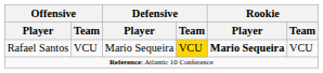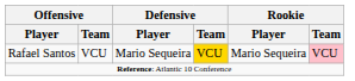 <table class="wikitable">
 <tr>
 <th colspan="2">Offensive</th>
 <th colspan="2">Defensive</th>
 <th colspan="2">Rookie</th>
 </tr>
 <tr>
 <th>Player</th>
 <th>Team</th>
 <th>Player</th>
 <th>Team</th>
 <th>Player</th>
 <th>Team</th>
 </tr>
 <tr>
 <td>Rafael Santos</td>
 <td>VCU</td>
 <td>Mario Sequeira</td>
 <td style="background: gold;">VCU</td>
-<td><strong>Mario Sequeira</strong></td>
-<td>VCU</td>
+<td>Mario Sequeira</td>
+<td style="background: pink;">VCU</td>
 </tr>
 <tr>
 <td colspan="12"  style="font-size:8pt; text-align:center;"><strong>Reference</strong>: Atlantic 10 Conference</td>
 </tr>
 </table>
